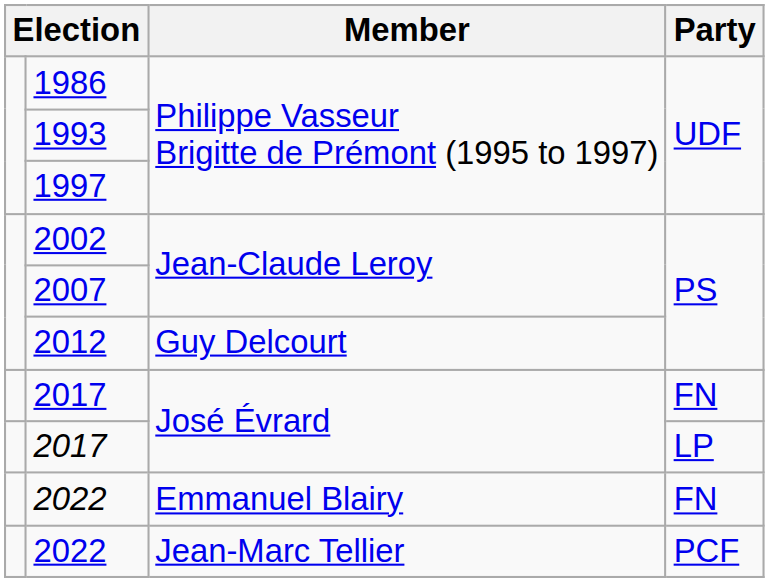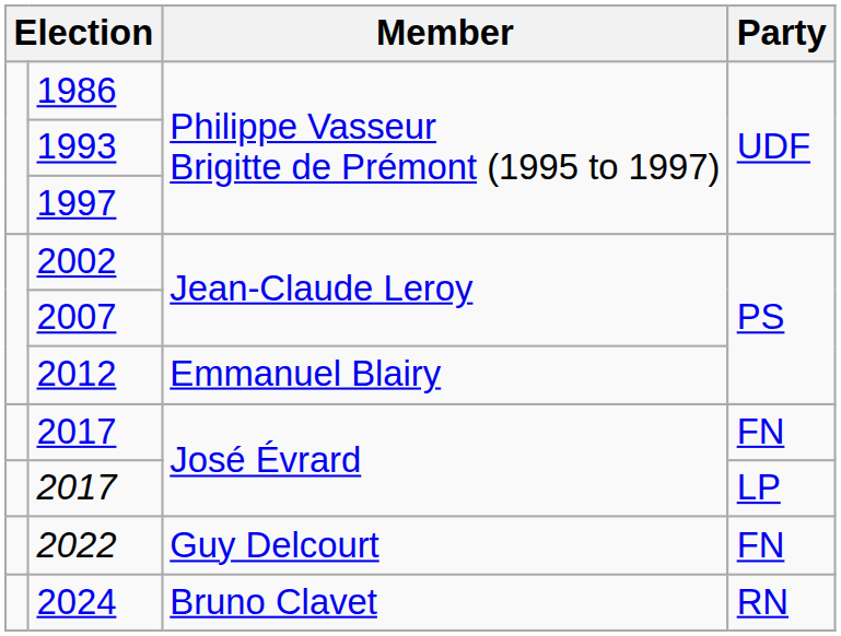 <table class="wikitable">
 <tr>
 <th colspan="2">Election</th>
 <th>Member</th>
 <th>Party</th>
 </tr>
 <tr>
 <td rowspan="3" style="background-color: "></td>
 <td><a href='#'>1986</a></td>
 <td rowspan="3"><a href='#'>Philippe Vasseur</a><br><a href='#'>Brigitte de Prémont</a> (1995 to 1997)</td>
 <td rowspan="3"><a href='#'>UDF</a></td>
 </tr>
 <tr>
 <td><a href='#'>1993</a></td>
 </tr>
 <tr>
 <td><a href='#'>1997</a></td>
 </tr>
 <tr>
 <td rowspan="3" style="background-color: "></td>
 <td><a href='#'>2002</a></td>
 <td rowspan="2"><a href='#'>Jean-Claude Leroy</a></td>
 <td rowspan="3"><a href='#'>PS</a></td>
 </tr>
 <tr>
 <td><a href='#'>2007</a></td>
 </tr>
 <tr>
 <td><a href='#'>2012</a></td>
-<td><a href='#'>Guy Delcourt</a></td>
+<td><a href='#'>Emmanuel Blairy</a></td>
 </tr>
 <tr>
 <td style="color:inherit;background-color: "></td>
 <td><a href='#'>2017</a></td>
 <td rowspan="2"><a href='#'>José Évrard</a></td>
 <td><a href='#'>FN</a></td>
 </tr>
 <tr>
 <td style="color:inherit;background-color: "></td>
 <td><em>2017</em></td>
 <td><a href='#'>LP</a></td>
 </tr>
 <tr>
 <td style="color:inherit;background-color: "></td>
 <td><em>2022</em></td>
-<td><a href='#'>Emmanuel Blairy</a></td>
+<td><a href='#'>Guy Delcourt</a></td>
 <td><a href='#'>FN</a></td>
 </tr>
 <tr>
 <td style="color:inherit;background-color: "></td>
-<td><a href='#'>2022</a></td>
-<td><a href='#'>Jean-Marc Tellier</a></td>
-<td><a href='#'>PCF</a></td>
+<td><a href='#'>2024</a></td>
+<td><a href='#'>Bruno Clavet</a></td>
+<td><a href='#'>RN</a></td>
 </tr>
 </table>
